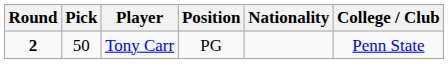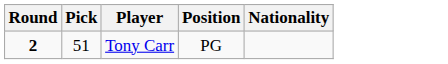 <table class="wikitable sortable sortable">
 <tr>
 <th style="background:#">Round</th>
 <th style="background:#">Pick</th>
 <th style="background:#">Player</th>
 <th style="background:#">Position</th>
 <th style="background:#">Nationality</th>
-<th style="background:#">College / Club</th>
 </tr>
 <tr style="text-align: center">
 <td><strong>2</strong></td>
-<td>50</td>
+<td>51</td>
 <td><a href='#'>Tony Carr</a></td>
 <td>PG</td>
 <td></td>
-<td><a href='#'>Penn State</a></td>
 </tr>
 </table>
